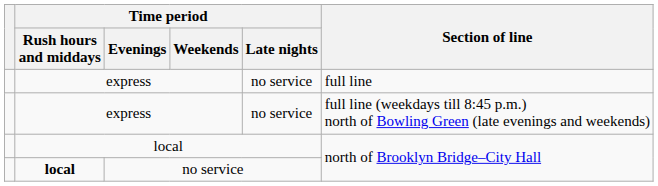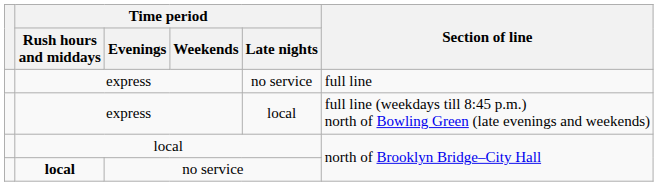 <table class="wikitable">
 <tr>
 <th rowspan=2> </th>
 <th colspan="4">Time period</th>
 <th rowspan=2>Section of line</th>
 </tr>
 <tr>
 <th>Rush hours<br>and middays</th>
 <th>Evenings</th>
 <th>Weekends</th>
 <th>Late nights</th>
 </tr>
 <tr>
 <td></td>
 <td colspan="3" align="center">express</td>
 <td align=Center>no service</td>
 <td>full line</td>
 </tr>
 <tr>
 <td></td>
 <td colspan="3" align="Center">express</td>
-<td align=Center>no service</td>
+<td align=center>local</td>
 <td>full line (weekdays till 8:45 p.m.)<br>north of <a href='#'>Bowling Green</a> (late evenings and weekends)</td>
 </tr>
 <tr>
 <td></td>
 <td colspan="4" align="center">local</td>
 <td rowspan=2>north of <a href='#'>Brooklyn Bridge–City Hall</a></td>
 </tr>
 <tr>
 <td></td>
 <td align=center><strong>local</strong></td>
 <td colspan="3" align="center">no service</td>
 </tr>
 </table>
